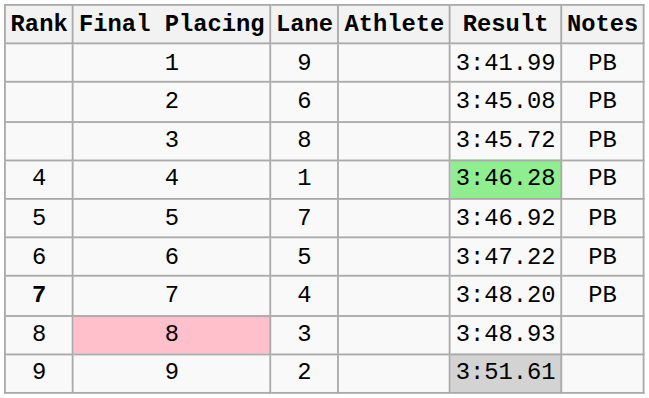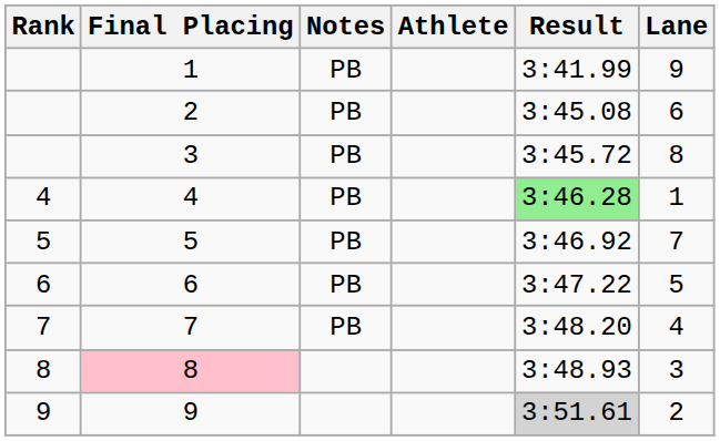 <table class="wikitable sortable" style="text-align:center">
 <tr>
 <th>Rank</th>
 <th>Final Placing</th>
-<th>Lane</th>
+<th>Notes</th>
 <th>Athlete</th>
 <th>Result</th>
-<th>Notes</th>
+<th>Lane</th>
 </tr>
 <tr>
 <td></td>
 <td>1</td>
-<td>9</td>
+<td>PB</td>
 <td align=left></td>
 <td>3:41.99</td>
-<td>PB</td>
+<td>9</td>
 </tr>
 <tr>
 <td></td>
 <td>2</td>
-<td>6</td>
+<td>PB</td>
 <td align=left></td>
 <td>3:45.08</td>
-<td>PB</td>
+<td>6</td>
 </tr>
 <tr>
 <td></td>
 <td>3</td>
-<td>8</td>
+<td>PB</td>
 <td align=left></td>
 <td>3:45.72</td>
-<td>PB</td>
+<td>8</td>
 </tr>
 <tr>
 <td>4</td>
 <td>4</td>
-<td>1</td>
+<td>PB</td>
 <td align=left></td>
 <td style="background: lightgreen;">3:46.28</td>
-<td>PB</td>
+<td>1</td>
 </tr>
 <tr>
 <td>5</td>
 <td>5</td>
-<td>7</td>
+<td>PB</td>
 <td align=left></td>
 <td>3:46.92</td>
-<td>PB</td>
+<td>7</td>
 </tr>
 <tr>
 <td>6</td>
 <td>6</td>
-<td>5</td>
+<td>PB</td>
 <td align=left></td>
 <td>3:47.22</td>
-<td>PB</td>
+<td>5</td>
 </tr>
 <tr>
-<td><strong>7</strong></td>
 <td>7</td>
-<td>4</td>
+<td>7</td>
+<td>PB</td>
 <td align=left></td>
 <td>3:48.20</td>
-<td>PB</td>
+<td>4</td>
 </tr>
 <tr>
 <td>8</td>
 <td style="background: pink;">8</td>
-<td>3</td>
+<td></td>
 <td align=left></td>
 <td>3:48.93</td>
-<td></td>
+<td>3</td>
 </tr>
 <tr>
 <td>9</td>
 <td>9</td>
-<td>2</td>
+<td></td>
 <td align=left></td>
 <td style="background: lightgrey;">3:51.61</td>
-<td></td>
+<td>2</td>
 </tr>
 </table>
